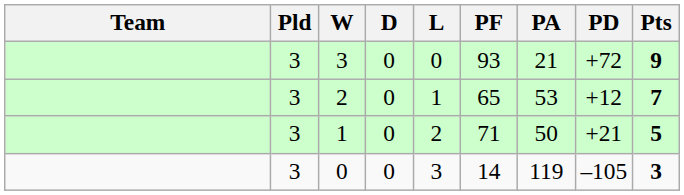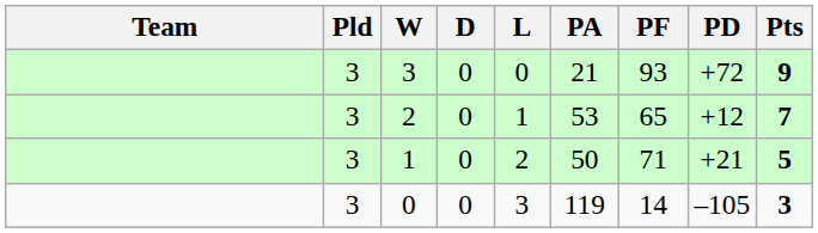 <table class="wikitable" style="text-align:center;">
 <tr>
 <th width=175>Team</th>
 <th width=25 abbr="Played">Pld</th>
 <th width=25 abbr="Won">W</th>
 <th width=25 abbr="Drawn">D</th>
 <th width=25 abbr="Lost">L</th>
+<th width=32 abbr="Points against">PA</th>
 <th width=32 abbr="Points for">PF</th>
-<th width=32 abbr="Points against">PA</th>
 <th width=32 abbr="Points difference">PD</th>
 <th width=25 abbr="Points">Pts</th>
 </tr>
 <tr bgcolor=ccffcc>
 <td align=left></td>
 <td>3</td>
 <td>3</td>
 <td>0</td>
 <td>0</td>
+<td>21</td>
 <td>93</td>
-<td>21</td>
 <td>+72</td>
 <td><strong>9</strong></td>
 </tr>
 <tr bgcolor=ccffcc>
 <td align=left></td>
 <td>3</td>
 <td>2</td>
 <td>0</td>
 <td>1</td>
+<td>53</td>
 <td>65</td>
-<td>53</td>
 <td>+12</td>
 <td><strong>7</strong></td>
 </tr>
 <tr bgcolor=ccffcc>
 <td align=left></td>
 <td>3</td>
 <td>1</td>
 <td>0</td>
 <td>2</td>
+<td>50</td>
 <td>71</td>
-<td>50</td>
 <td>+21</td>
 <td><strong>5</strong></td>
 </tr>
 <tr>
 <td align=left></td>
 <td>3</td>
 <td>0</td>
 <td>0</td>
 <td>3</td>
+<td>119</td>
 <td>14</td>
-<td>119</td>
 <td>–105</td>
 <td><strong>3</strong></td>
 </tr>
 </table>
